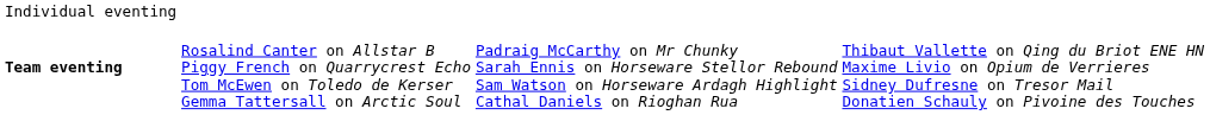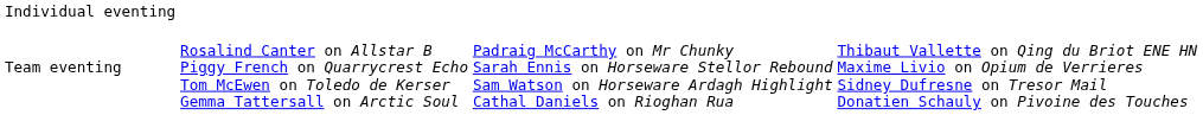 <table>
 <tr>
 <td>Individual eventing<br></td>
 <td></td>
 <td></td>
 <td></td>
 </tr>
 <tr>
-<td><strong>Team eventing<br></strong></td>
+<td>Team eventing<br></td>
 <td><br><a href='#'>Rosalind Canter</a> on <em>Allstar B</em><br><a href='#'>Piggy French</a> on <em>Quarrycrest Echo</em><br><a href='#'>Tom McEwen</a> on <em>Toledo de Kerser</em><br><a href='#'>Gemma Tattersall</a> on <em>Arctic Soul</em></td>
 <td><br><a href='#'>Padraig McCarthy</a> on <em>Mr Chunky</em><br><a href='#'>Sarah Ennis</a> on <em>Horseware Stellor Rebound</em><br><a href='#'>Sam Watson</a> on <em>Horseware Ardagh Highlight</em><br><a href='#'>Cathal Daniels</a> on <em>Rioghan Rua</em></td>
 <td><br><a href='#'>Thibaut Vallette</a> on <em>Qing du Briot ENE HN</em><br><a href='#'>Maxime Livio</a> on <em>Opium de Verrieres</em><br><a href='#'>Sidney Dufresne</a> on <em>Tresor Mail</em><br><a href='#'>Donatien Schauly</a> on <em>Pivoine des Touches</em></td>
 </tr>
 </table>
